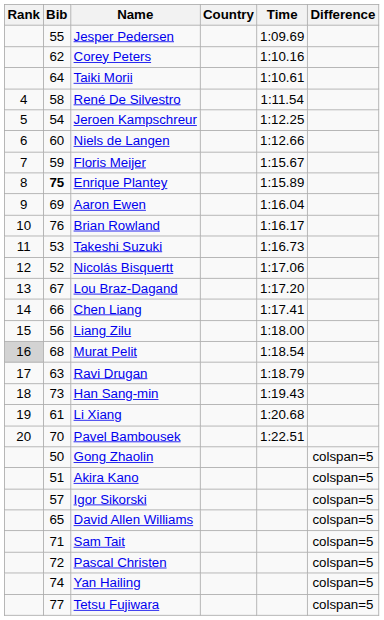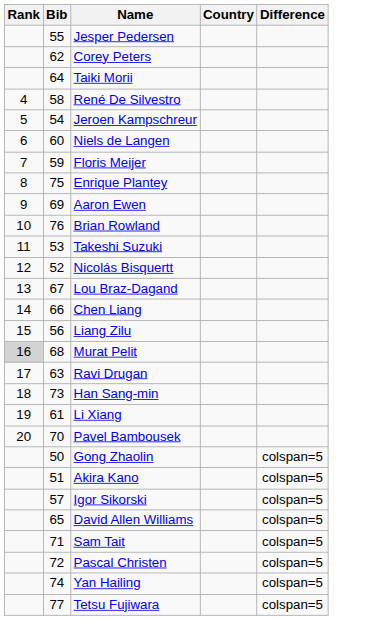 <table class="wikitable sortable" style="text-align:center">
 <tr>
 <th>Rank</th>
 <th>Bib</th>
 <th>Name</th>
 <th>Country</th>
-<th>Time</th>
 <th>Difference</th>
 </tr>
 <tr>
 <td></td>
 <td>55</td>
 <td align="left"><a href='#'>Jesper Pedersen</a></td>
 <td align="left"></td>
-<td>1:09.69</td>
 <td></td>
 </tr>
 <tr>
 <td></td>
 <td>62</td>
 <td align="left"><a href='#'>Corey Peters</a></td>
 <td align="left"></td>
-<td>1:10.16</td>
 <td></td>
 </tr>
 <tr>
 <td></td>
 <td>64</td>
 <td align="left"><a href='#'>Taiki Morii</a></td>
 <td align="left"></td>
-<td>1:10.61</td>
 <td></td>
 </tr>
 <tr>
 <td>4</td>
 <td>58</td>
 <td align="left"><a href='#'>René De Silvestro</a></td>
 <td align="left"></td>
-<td>1:11.54</td>
 <td></td>
 </tr>
 <tr>
 <td>5</td>
 <td>54</td>
 <td align="left"><a href='#'>Jeroen Kampschreur</a></td>
 <td align="left"></td>
-<td>1:12.25</td>
 <td></td>
 </tr>
 <tr>
 <td>6</td>
 <td>60</td>
 <td align="left"><a href='#'>Niels de Langen</a></td>
 <td align="left"></td>
-<td>1:12.66</td>
 <td></td>
 </tr>
 <tr>
 <td>7</td>
 <td>59</td>
 <td align="left"><a href='#'>Floris Meijer</a></td>
 <td align="left"></td>
-<td>1:15.67</td>
 <td></td>
 </tr>
 <tr>
 <td>8</td>
-<td><strong>75</strong></td>
+<td>75</td>
 <td align="left"><a href='#'>Enrique Plantey</a></td>
 <td align="left"></td>
-<td>1:15.89</td>
 <td></td>
 </tr>
 <tr>
 <td>9</td>
 <td>69</td>
 <td align="left"><a href='#'>Aaron Ewen</a></td>
 <td align="left"></td>
-<td>1:16.04</td>
 <td></td>
 </tr>
 <tr>
 <td>10</td>
 <td>76</td>
 <td align="left"><a href='#'>Brian Rowland</a></td>
 <td align="left"></td>
-<td>1:16.17</td>
 <td></td>
 </tr>
 <tr>
 <td>11</td>
 <td>53</td>
 <td align="left"><a href='#'>Takeshi Suzuki</a></td>
 <td align="left"></td>
-<td>1:16.73</td>
 <td></td>
 </tr>
 <tr>
 <td>12</td>
 <td>52</td>
 <td align="left"><a href='#'>Nicolás Bisquertt</a></td>
 <td align="left"></td>
-<td>1:17.06</td>
 <td></td>
 </tr>
 <tr>
 <td>13</td>
 <td>67</td>
 <td align="left"><a href='#'>Lou Braz-Dagand</a></td>
 <td align="left"></td>
-<td>1:17.20</td>
 <td></td>
 </tr>
 <tr>
 <td>14</td>
 <td>66</td>
 <td align="left"><a href='#'>Chen Liang</a></td>
 <td align="left"></td>
-<td>1:17.41</td>
 <td></td>
 </tr>
 <tr>
 <td>15</td>
 <td>56</td>
 <td align="left"><a href='#'>Liang Zilu</a></td>
 <td align="left"></td>
-<td>1:18.00</td>
 <td></td>
 </tr>
 <tr>
 <td style="background: lightgrey;">16</td>
 <td>68</td>
 <td align="left"><a href='#'>Murat Pelit</a></td>
 <td align="left"></td>
-<td>1:18.54</td>
 <td></td>
 </tr>
 <tr>
 <td>17</td>
 <td>63</td>
 <td align="left"><a href='#'>Ravi Drugan</a></td>
 <td align="left"></td>
-<td>1:18.79</td>
 <td></td>
 </tr>
 <tr>
 <td>18</td>
 <td>73</td>
 <td align="left"><a href='#'>Han Sang-min</a></td>
 <td align="left"></td>
-<td>1:19.43</td>
 <td></td>
 </tr>
 <tr>
 <td>19</td>
 <td>61</td>
 <td align="left"><a href='#'>Li Xiang</a></td>
 <td align="left"></td>
-<td>1:20.68</td>
 <td></td>
 </tr>
 <tr>
 <td>20</td>
 <td>70</td>
 <td align="left"><a href='#'>Pavel Bambousek</a></td>
 <td align="left"></td>
-<td>1:22.51</td>
 <td></td>
 </tr>
 <tr>
 <td></td>
 <td>50</td>
 <td align="left"><a href='#'>Gong Zhaolin</a></td>
 <td align="left"></td>
-<td></td>
 <td>colspan=5 </td>
 </tr>
 <tr>
 <td></td>
 <td>51</td>
 <td align="left"><a href='#'>Akira Kano</a></td>
 <td align="left"></td>
-<td></td>
 <td>colspan=5 </td>
 </tr>
 <tr>
 <td></td>
 <td>57</td>
 <td align="left"><a href='#'>Igor Sikorski</a></td>
 <td align="left"></td>
-<td></td>
 <td>colspan=5 </td>
 </tr>
 <tr>
 <td></td>
 <td>65</td>
 <td align="left"><a href='#'>David Allen Williams</a></td>
 <td align="left"></td>
-<td></td>
 <td>colspan=5 </td>
 </tr>
 <tr>
 <td></td>
 <td>71</td>
 <td align="left"><a href='#'>Sam Tait</a></td>
 <td align="left"></td>
-<td></td>
 <td>colspan=5 </td>
 </tr>
 <tr>
 <td></td>
 <td>72</td>
 <td align="left"><a href='#'>Pascal Christen</a></td>
 <td align="left"></td>
-<td></td>
 <td>colspan=5 </td>
 </tr>
 <tr>
 <td></td>
 <td>74</td>
 <td align="left"><a href='#'>Yan Hailing</a></td>
 <td align="left"></td>
-<td></td>
 <td>colspan=5 </td>
 </tr>
 <tr>
 <td></td>
 <td>77</td>
 <td align="left"><a href='#'>Tetsu Fujiwara</a></td>
 <td align="left"></td>
-<td></td>
 <td>colspan=5 </td>
 </tr>
 </table>
